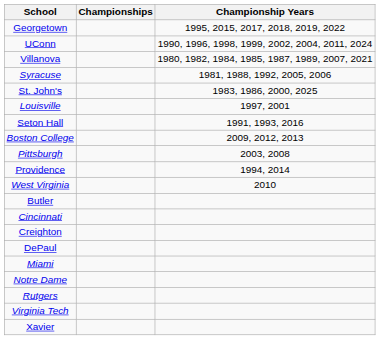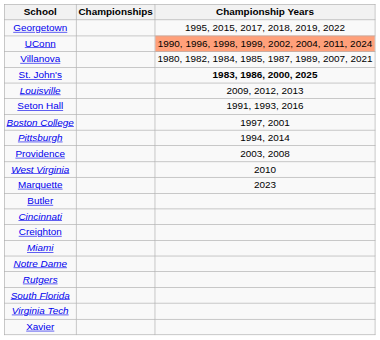 <table class="wikitable sortable" style="text-align:center">
 <tr>
 <th width=px>School</th>
 <th width=px>Championships</th>
 <th width=px>Championship Years</th>
 </tr>
 <tr>
 <td><a href='#'>Georgetown</a></td>
 <td></td>
 <td>1995, 2015, 2017, 2018, 2019, 2022</td>
 </tr>
 <tr>
 <td><a href='#'>UConn</a></td>
 <td></td>
-<td>1990, 1996, 1998, 1999, 2002, 2004, 2011, 2024</td>
+<td style="background: lightsalmon;">1990, 1996, 1998, 1999, 2002, 2004, 2011, 2024</td>
 </tr>
 <tr>
 <td><a href='#'>Villanova</a></td>
 <td></td>
 <td>1980, 1982, 1984, 1985, 1987, 1989, 2007, 2021</td>
 </tr>
 <tr>
-<td><em><a href='#'>Syracuse</a></em></td>
-<td></td>
-<td>1981, 1988, 1992, 2005, 2006</td>
-</tr>
-<tr>
 <td><a href='#'>St. John's</a></td>
 <td></td>
-<td>1983, 1986, 2000, 2025</td>
+<td><strong>1983, 1986, 2000, 2025</strong></td>
 </tr>
 <tr>
 <td><em><a href='#'>Louisville</a></em></td>
 <td></td>
-<td>1997, 2001</td>
+<td>2009, 2012, 2013</td>
 </tr>
 <tr>
 <td><a href='#'>Seton Hall</a></td>
 <td></td>
 <td>1991, 1993, 2016</td>
 </tr>
 <tr>
 <td><em><a href='#'>Boston College</a></em></td>
 <td></td>
-<td>2009, 2012, 2013</td>
+<td>1997, 2001</td>
 </tr>
 <tr>
 <td><em><a href='#'>Pittsburgh</a></em></td>
 <td></td>
-<td>2003, 2008</td>
+<td>1994, 2014</td>
 </tr>
 <tr>
 <td><a href='#'>Providence</a></td>
 <td></td>
-<td>1994, 2014</td>
+<td>2003, 2008</td>
 </tr>
 <tr>
 <td><em><a href='#'>West Virginia</a></em></td>
 <td></td>
 <td>2010</td>
+</tr>
+<tr>
+<td><a href='#'>Marquette</a></td>
+<td></td>
+<td>2023</td>
 </tr>
 <tr>
 <td><a href='#'>Butler</a></td>
 <td></td>
 <td></td>
 </tr>
 <tr>
 <td><em><a href='#'>Cincinnati</a></em></td>
 <td></td>
 <td></td>
 </tr>
 <tr>
 <td><a href='#'>Creighton</a></td>
-<td></td>
-<td></td>
-</tr>
-<tr>
-<td><a href='#'>DePaul</a></td>
 <td></td>
 <td></td>
 </tr>
 <tr>
 <td><em><a href='#'>Miami</a></em></td>
 <td></td>
 <td></td>
 </tr>
 <tr>
 <td><em><a href='#'>Notre Dame</a></em></td>
 <td></td>
 <td></td>
 </tr>
 <tr>
 <td><em><a href='#'>Rutgers</a></em></td>
 <td></td>
 <td></td>
 </tr>
 <tr>
+<td><em><a href='#'>South Florida</a></em></td>
+<td></td>
+<td></td>
+</tr>
+<tr>
 <td><em><a href='#'>Virginia Tech</a></em></td>
 <td></td>
 <td></td>
 </tr>
 <tr>
 <td><a href='#'>Xavier</a></td>
 <td></td>
 <td></td>
 </tr>
 </table>
